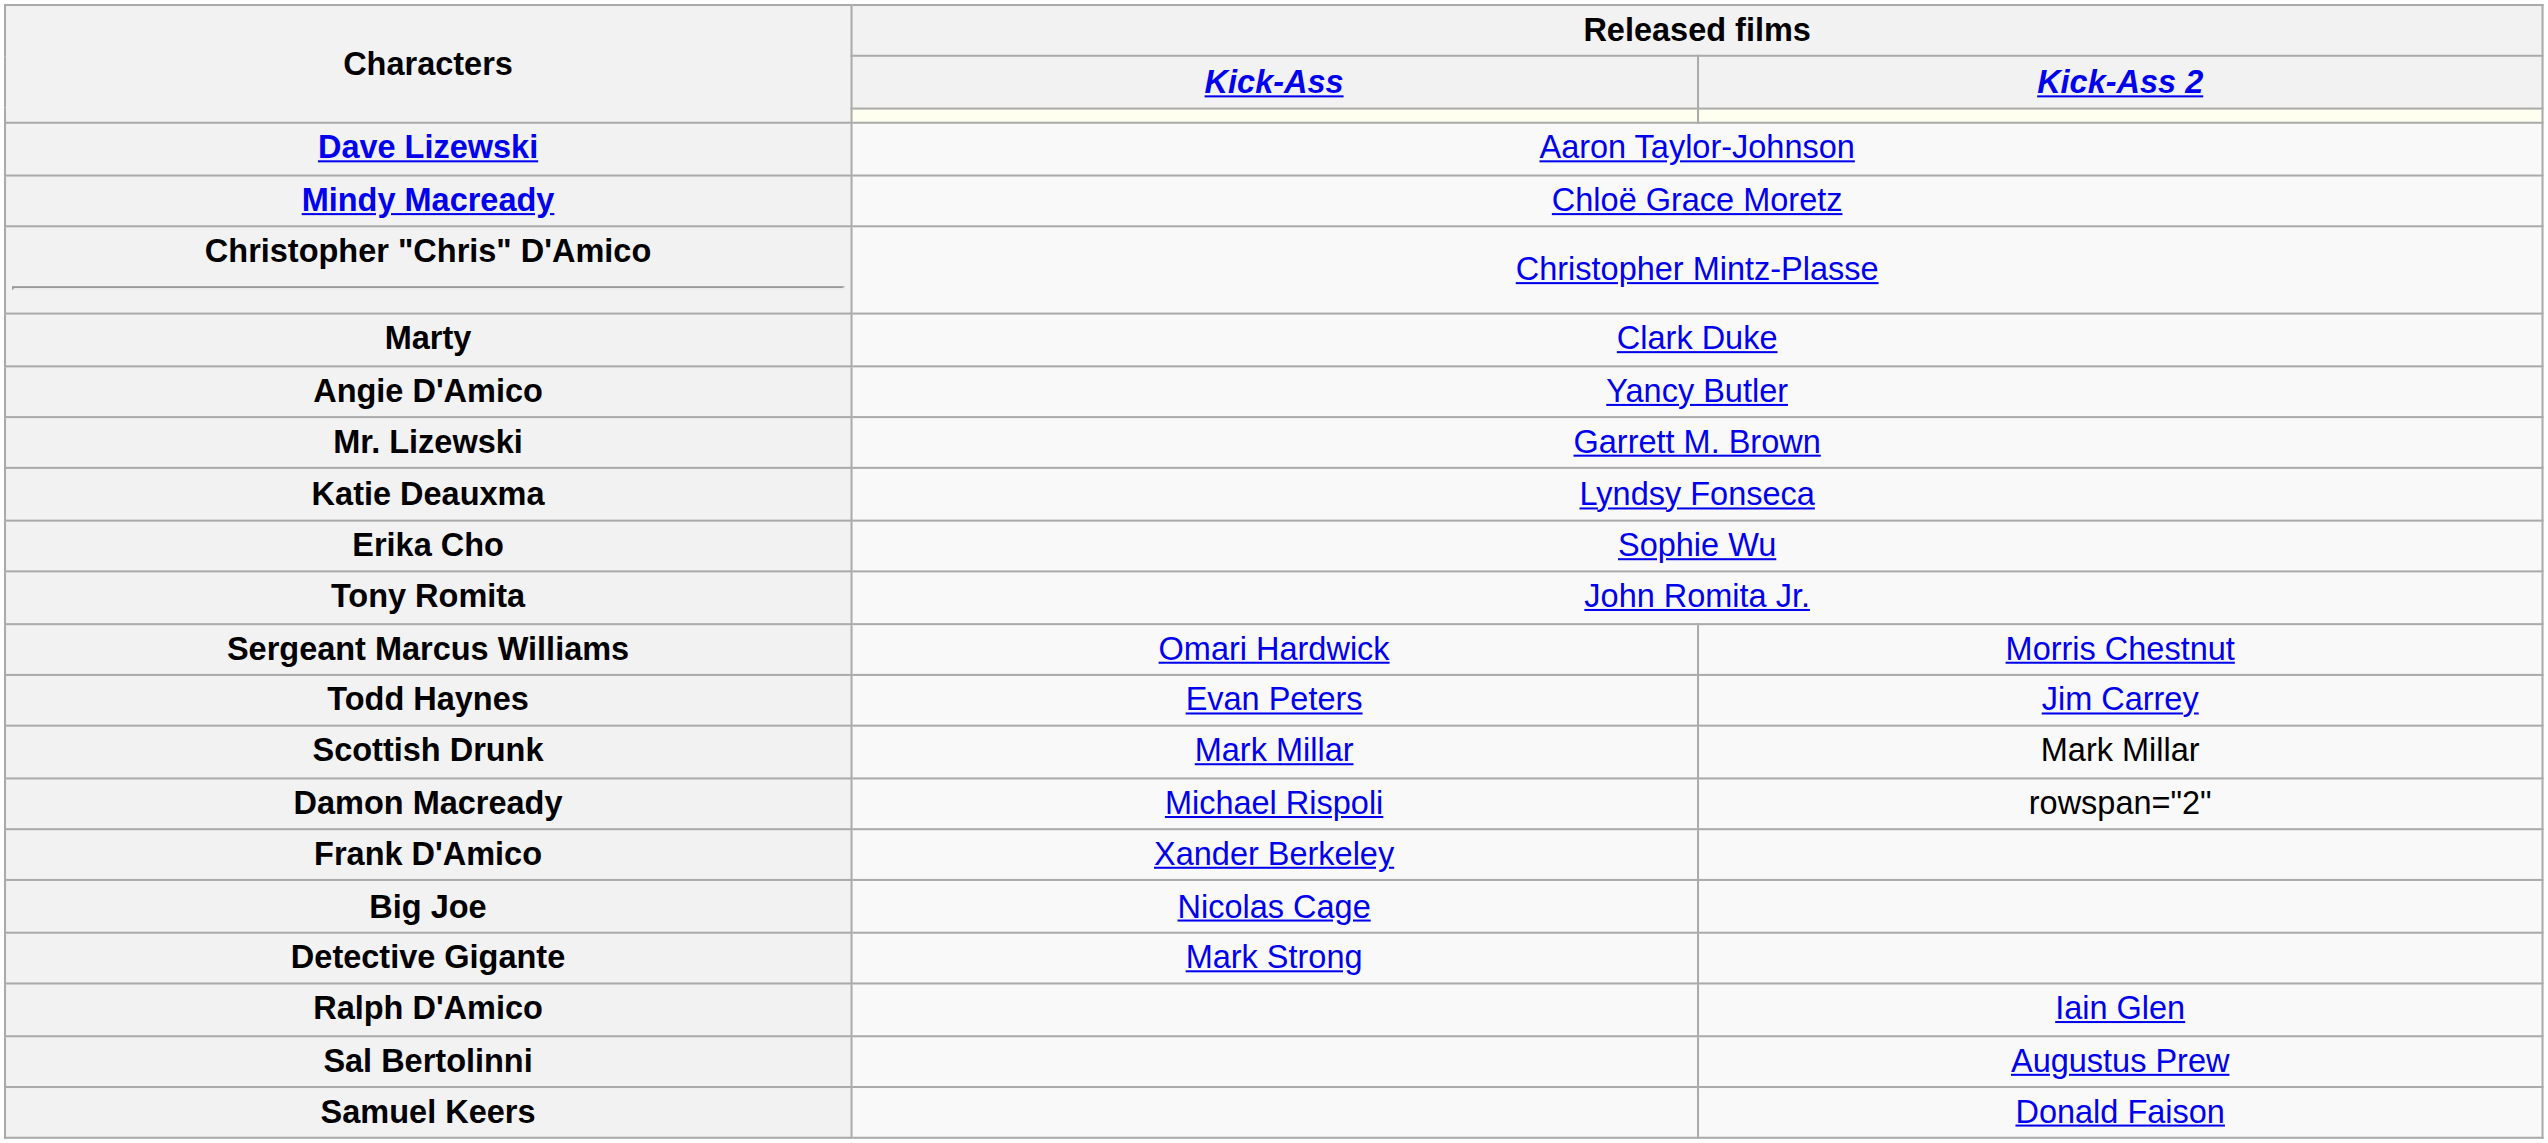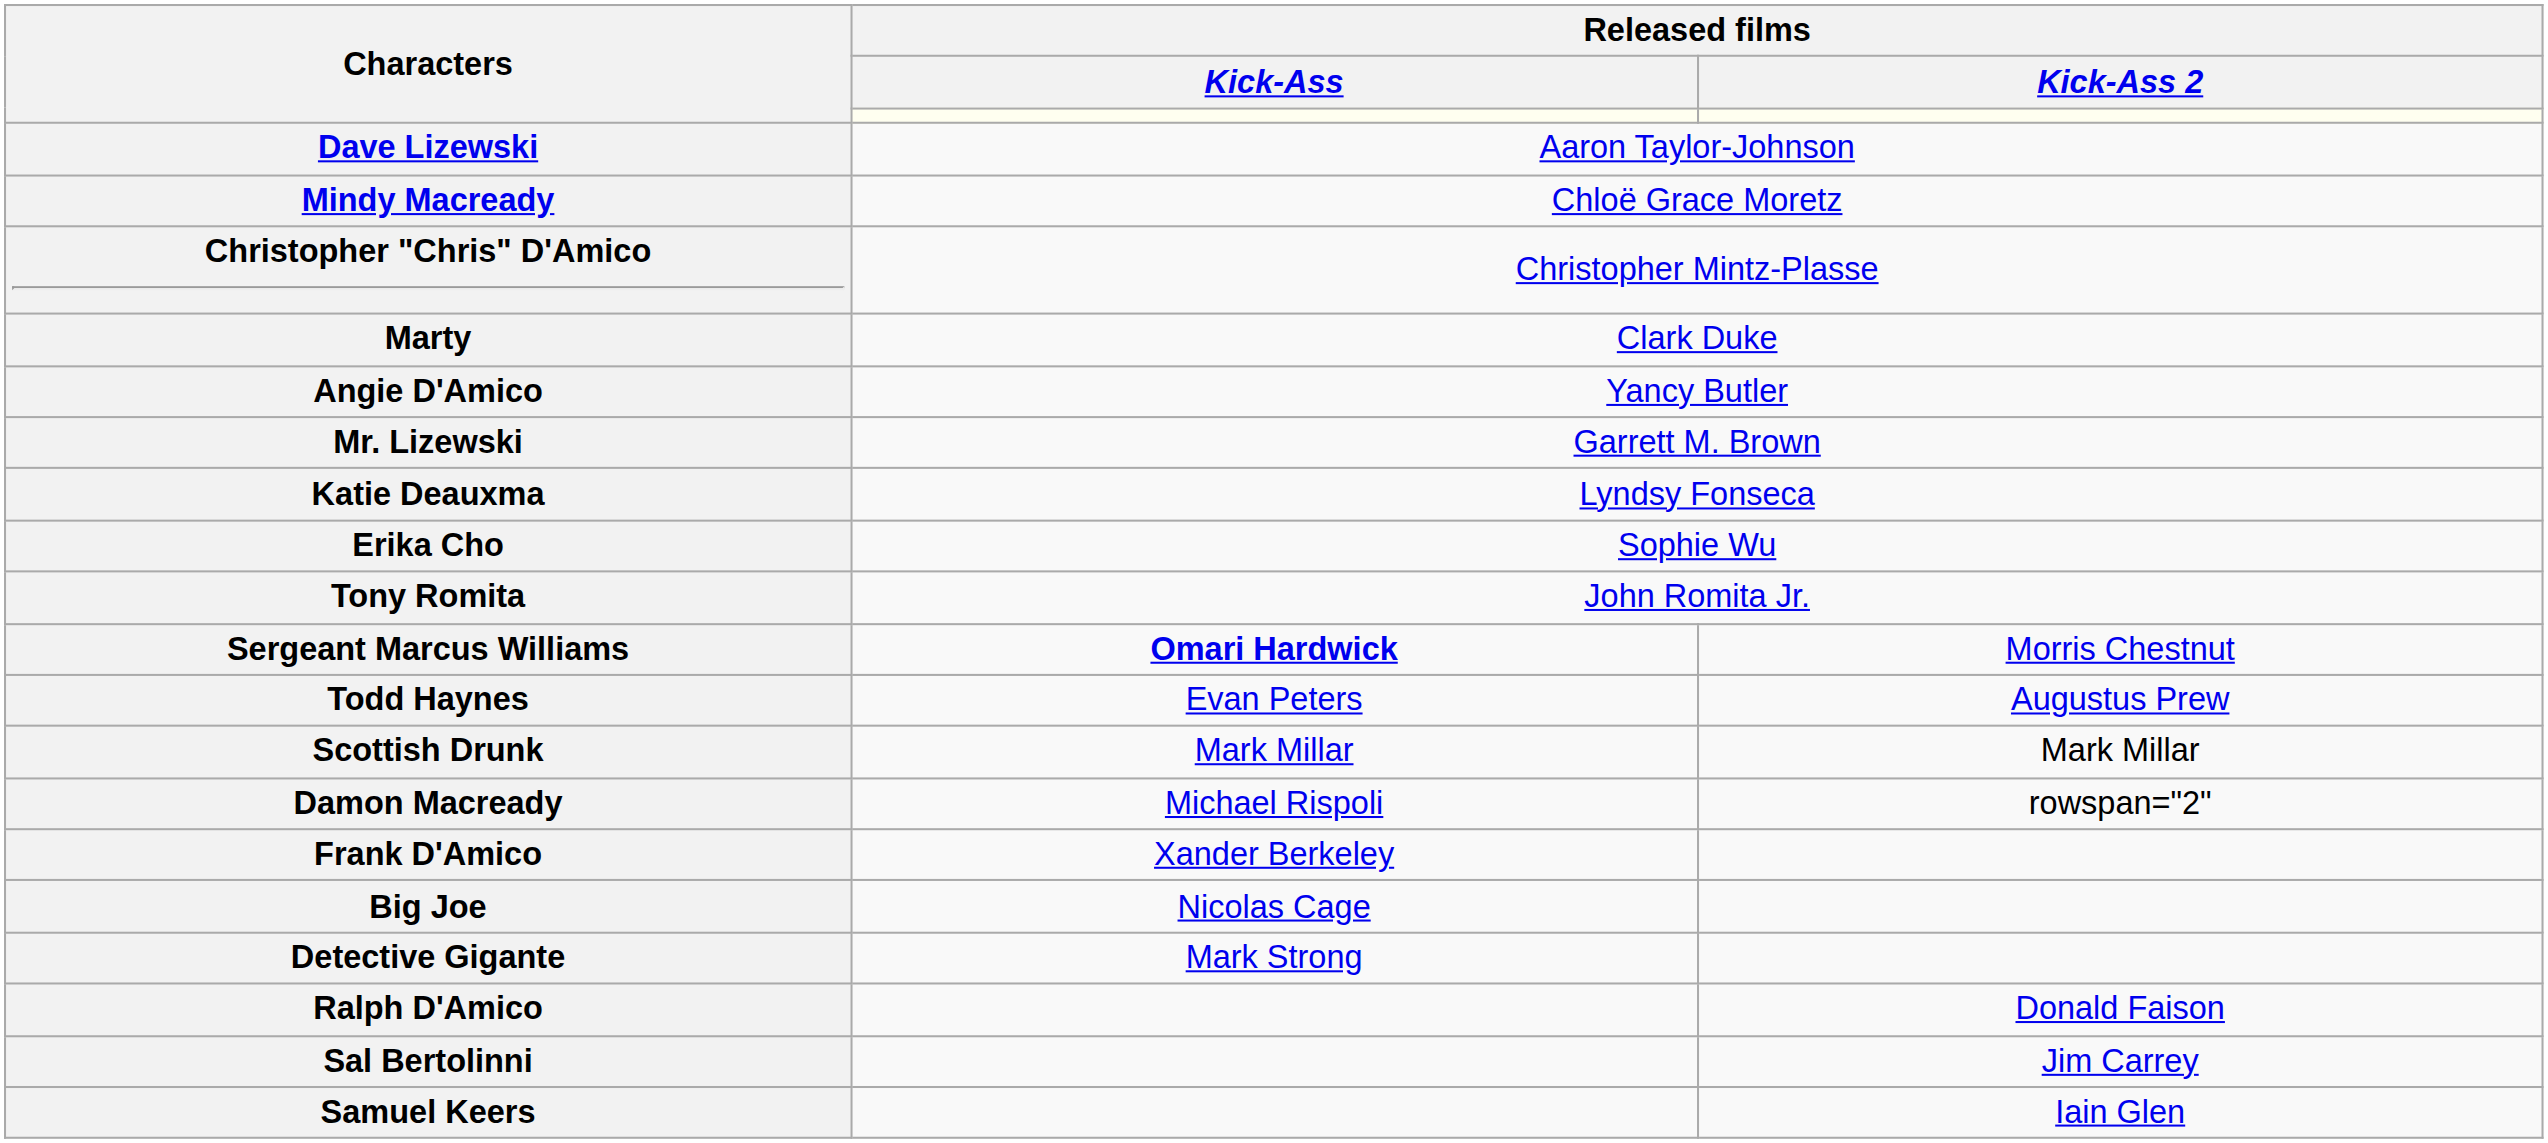 <table class="wikitable" style="text-align:center; width:99%;">
 <tr>
 <th rowspan="3" style="width:20%;">Characters</th>
 <th colspan="2">Released films</th>
 </tr>
 <tr>
 <th style="width:20%;"><a href='#'><em>Kick-Ass</em></a></th>
 <th style="width:20%;"><a href='#'><em>Kick-Ass 2</em></a></th>
 </tr>
 <tr>
 <td style="background:ivory;"></td>
 <td style="background:ivory;"></td>
 </tr>
 <tr>
 <th><a href='#'>Dave Lizewski<br></a></th>
 <td colspan="2"><a href='#'>Aaron Taylor-Johnson</a></td>
 </tr>
 <tr>
 <th><a href='#'>Mindy Macready<br></a></th>
 <td colspan="2"><a href='#'>Chloë Grace Moretz</a></td>
 </tr>
 <tr>
 <th>Christopher "Chris" D'Amico<br><hr></th>
 <td colspan="2"><a href='#'>Christopher Mintz-Plasse</a></td>
 </tr>
 <tr>
 <th>Marty<br></th>
 <td colspan="2"><a href='#'>Clark Duke</a></td>
 </tr>
 <tr>
 <th>Angie D'Amico</th>
 <td colspan="2"><a href='#'>Yancy Butler</a></td>
 </tr>
 <tr>
 <th>Mr. Lizewski</th>
 <td colspan="2"><a href='#'>Garrett M. Brown</a></td>
 </tr>
 <tr>
 <th>Katie Deauxma</th>
 <td colspan="2"><a href='#'>Lyndsy Fonseca</a></td>
 </tr>
 <tr>
 <th>Erika Cho</th>
 <td colspan="2"><a href='#'>Sophie Wu</a></td>
 </tr>
 <tr>
 <th>Tony Romita</th>
 <td colspan="2"><a href='#'>John Romita Jr.</a></td>
 </tr>
 <tr>
 <th>Sergeant Marcus Williams</th>
-<td><a href='#'>Omari Hardwick</a></td>
+<td><strong><a href='#'>Omari Hardwick</a></strong></td>
 <td><a href='#'>Morris Chestnut</a></td>
 </tr>
 <tr>
 <th>Todd Haynes<br></th>
 <td><a href='#'>Evan Peters</a></td>
-<td><a href='#'>Jim Carrey</a></td>
+<td><a href='#'>Augustus Prew</a></td>
 </tr>
 <tr>
 <th>Scottish Drunk</th>
 <td><a href='#'>Mark Millar</a></td>
 <td>Mark Millar</td>
 </tr>
 <tr>
 <th>Damon Macready<br></th>
 <td><a href='#'>Michael Rispoli</a></td>
 <td>rowspan="2" </td>
 </tr>
 <tr>
 <th>Frank D'Amico</th>
 <td><a href='#'>Xander Berkeley</a></td>
 </tr>
 <tr>
 <th>Big Joe</th>
 <td><a href='#'>Nicolas Cage</a></td>
 <td></td>
 </tr>
 <tr>
 <th>Detective Gigante</th>
 <td><a href='#'>Mark Strong</a></td>
 <td></td>
 </tr>
 <tr>
 <th>Ralph D'Amico</th>
 <td></td>
-<td><a href='#'>Iain Glen</a></td>
+<td><a href='#'>Donald Faison</a></td>
 </tr>
 <tr>
 <th>Sal Bertolinni<br></th>
 <td></td>
-<td><a href='#'>Augustus Prew</a></td>
+<td><a href='#'>Jim Carrey</a></td>
 </tr>
 <tr>
 <th>Samuel Keers<br></th>
 <td></td>
-<td><a href='#'>Donald Faison</a></td>
+<td><a href='#'>Iain Glen</a></td>
 </tr>
 </table>
